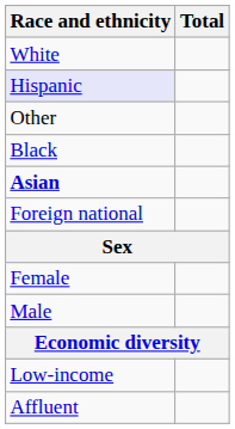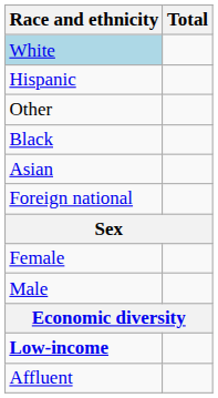 <table class="wikitable floatright sortable collapsible"; text-align:right; font-size:80%;">
 <tr>
 <th>Race and ethnicity</th>
 <th colspan="2" data-sort-type=number>Total</th>
 </tr>
 <tr>
-<td><a href='#'>White</a></td>
+<td style="background: lightblue;"><a href='#'>White</a></td>
 <td align=right></td>
 </tr>
 <tr>
-<td style="background: lavender;"><a href='#'>Hispanic</a></td>
+<td><a href='#'>Hispanic</a></td>
 <td align=right></td>
 </tr>
 <tr>
 <td>Other</td>
 <td align=right></td>
 </tr>
 <tr>
 <td><a href='#'>Black</a></td>
 <td align=right></td>
 </tr>
 <tr>
-<td><strong><a href='#'>Asian</a></strong></td>
+<td><a href='#'>Asian</a></td>
 <td align=right></td>
 </tr>
 <tr>
 <td><a href='#'>Foreign national</a></td>
 <td align=right></td>
 </tr>
 <tr>
 <th colspan="4" data-sort-type=number>Sex</th>
 </tr>
 <tr>
 <td><a href='#'>Female</a></td>
 <td align=right></td>
 </tr>
 <tr>
 <td><a href='#'>Male</a></td>
 <td align=right></td>
 </tr>
 <tr>
 <th colspan="4" data-sort-type=number><a href='#'>Economic diversity</a></th>
 </tr>
 <tr>
-<td><a href='#'>Low-income</a></td>
+<td><strong><a href='#'>Low-income</a></strong></td>
 <td align=right></td>
 </tr>
 <tr>
 <td><a href='#'>Affluent</a></td>
 <td align=right></td>
 </tr>
 </table>
